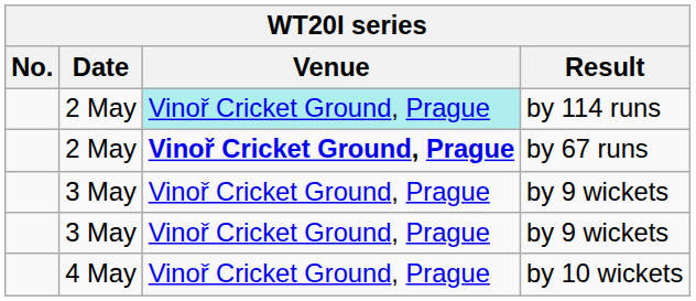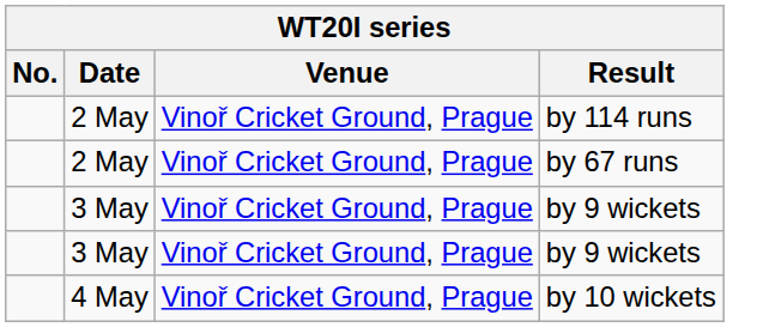 <table class="wikitable">
 <tr>
 <th colspan="5">WT20I series</th>
 </tr>
 <tr>
 <th>No.</th>
 <th>Date</th>
 <th>Venue</th>
 <th>Result</th>
 </tr>
 <tr>
 <td></td>
 <td>2 May</td>
-<td style="background: paleturquoise;"><a href='#'>Vinoř Cricket Ground</a>, <a href='#'>Prague</a></td>
+<td><a href='#'>Vinoř Cricket Ground</a>, <a href='#'>Prague</a></td>
 <td> by 114 runs</td>
 </tr>
 <tr>
 <td></td>
 <td>2 May</td>
-<td><strong><a href='#'>Vinoř Cricket Ground</a>, <a href='#'>Prague</a></strong></td>
+<td><a href='#'>Vinoř Cricket Ground</a>, <a href='#'>Prague</a></td>
 <td> by 67 runs</td>
 </tr>
 <tr>
 <td></td>
 <td>3 May</td>
 <td><a href='#'>Vinoř Cricket Ground</a>, <a href='#'>Prague</a></td>
 <td> by 9 wickets</td>
 </tr>
 <tr>
 <td></td>
 <td>3 May</td>
 <td><a href='#'>Vinoř Cricket Ground</a>, <a href='#'>Prague</a></td>
 <td> by 9 wickets</td>
 </tr>
 <tr>
 <td></td>
 <td>4 May</td>
 <td><a href='#'>Vinoř Cricket Ground</a>, <a href='#'>Prague</a></td>
 <td> by 10 wickets</td>
 </tr>
 </table>
